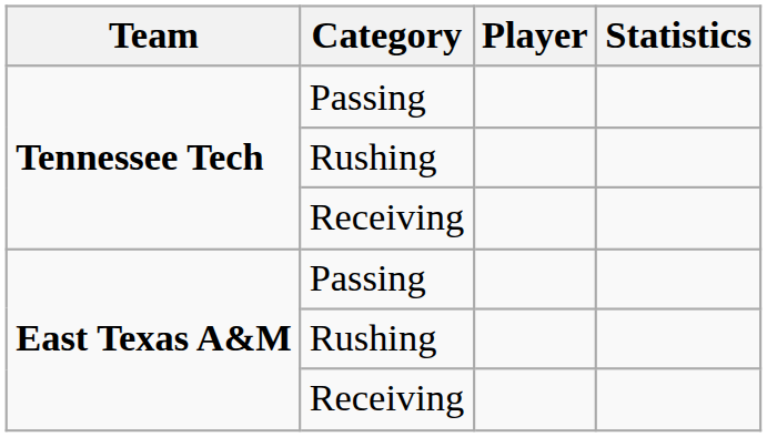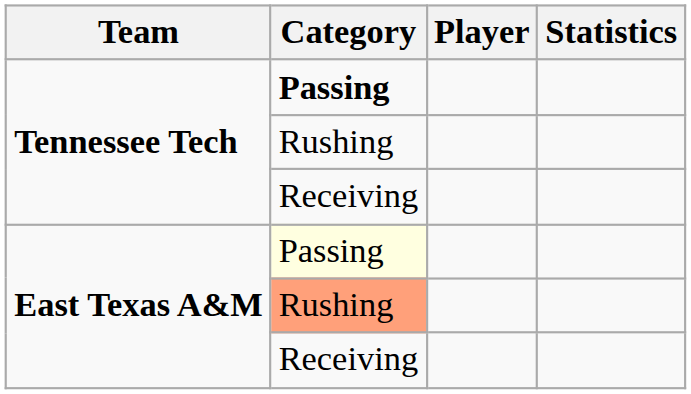 <table class="wikitable" style="float: right;">
 <tr>
 <th>Team</th>
 <th>Category</th>
 <th>Player</th>
 <th>Statistics</th>
 </tr>
 <tr>
 <td rowspan=3><strong>Tennessee Tech</strong></td>
-<td>Passing</td>
+<td><strong>Passing</strong></td>
 <td></td>
 <td></td>
 </tr>
 <tr>
 <td>Rushing</td>
 <td></td>
 <td></td>
 </tr>
 <tr>
 <td>Receiving</td>
 <td></td>
 <td></td>
 </tr>
 <tr>
 <td rowspan=3><strong>East Texas A&M</strong></td>
-<td>Passing</td>
+<td style="background: lightyellow;">Passing</td>
 <td></td>
 <td></td>
 </tr>
 <tr>
-<td>Rushing</td>
+<td style="background: lightsalmon;">Rushing</td>
 <td></td>
 <td></td>
 </tr>
 <tr>
 <td>Receiving</td>
 <td></td>
 <td></td>
 </tr>
 </table>
